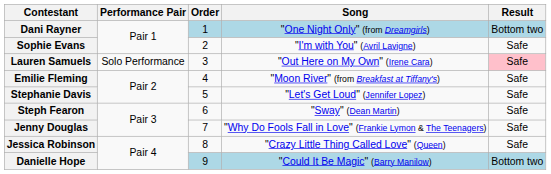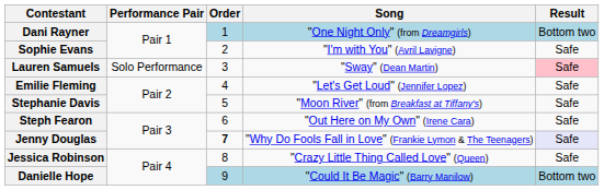 <table class="wikitable plainrowheaders" style="text-align:center;">
 <tr>
 <th scope="col">Contestant</th>
 <th scope="col">Performance Pair</th>
 <th scope="col">Order</th>
 <th scope="col">Song</th>
 <th scope="col">Result</th>
 </tr>
 <tr>
 <th scope="row">Dani Rayner</th>
 <td rowspan="2">Pair 1</td>
 <td style = "background:lightblue">1</td>
 <td style = "background:lightblue">"<a href='#'>One Night Only</a>" <small>(from <em><a href='#'>Dreamgirls</a></em>)</small></td>
 <td style = "background:lightblue">Bottom two</td>
 </tr>
 <tr>
 <th scope="row">Sophie Evans</th>
 <td>2</td>
 <td>"<a href='#'>I'm with You</a>" <small>(<a href='#'>Avril Lavigne</a>)</small></td>
 <td>Safe</td>
 </tr>
 <tr>
 <th scope="row">Lauren Samuels</th>
 <td rowspan="1">Solo Performance</td>
 <td>3</td>
-<td>"<a href='#'>Out Here on My Own</a>" <small>(<a href='#'>Irene Cara</a>)</small></td>
+<td>"<a href='#'>Sway</a>" <small>(<a href='#'>Dean Martin</a>)</small></td>
 <td style="background: pink;">Safe</td>
 </tr>
 <tr>
 <th scope="row">Emilie Fleming</th>
 <td rowspan="2">Pair 2</td>
 <td>4</td>
-<td>"<a href='#'>Moon River</a>" <small>(from <em><a href='#'>Breakfast at Tiffany's</a></em>)</small></td>
+<td>"<a href='#'>Let's Get Loud</a>" <small>(<a href='#'>Jennifer Lopez</a>)</small></td>
 <td>Safe</td>
 </tr>
 <tr>
 <th scope="row">Stephanie Davis</th>
 <td>5</td>
-<td>"<a href='#'>Let's Get Loud</a>" <small>(<a href='#'>Jennifer Lopez</a>)</small></td>
+<td>"<a href='#'>Moon River</a>" <small>(from <em><a href='#'>Breakfast at Tiffany's</a></em>)</small></td>
 <td>Safe</td>
 </tr>
 <tr>
 <th scope="row">Steph Fearon</th>
 <td rowspan="2">Pair 3</td>
 <td>6</td>
-<td>"<a href='#'>Sway</a>" <small>(<a href='#'>Dean Martin</a>)</small></td>
+<td>"<a href='#'>Out Here on My Own</a>" <small>(<a href='#'>Irene Cara</a>)</small></td>
 <td>Safe</td>
 </tr>
 <tr>
 <th scope="row">Jenny Douglas</th>
-<td>7</td>
+<td><strong>7</strong></td>
 <td>"<a href='#'>Why Do Fools Fall in Love</a>" <small>(<a href='#'>Frankie Lymon</a> & <a href='#'>The Teenagers</a>) </small></td>
-<td>Safe</td>
+<td style="background: lavender;">Safe</td>
 </tr>
 <tr>
 <th scope="row">Jessica Robinson</th>
 <td rowspan="2">Pair 4</td>
 <td>8</td>
 <td>"<a href='#'>Crazy Little Thing Called Love</a>" <small>(<a href='#'>Queen</a>)</small></td>
 <td>Safe</td>
 </tr>
 <tr>
 <th scope="row">Danielle Hope</th>
 <td style = "background:lightblue">9</td>
 <td style = "background:lightblue">"<a href='#'>Could It Be Magic</a>"  <small>(<a href='#'>Barry Manilow</a>)</small></td>
 <td style = "background:lightblue">Bottom two</td>
 </tr>
 </table>
